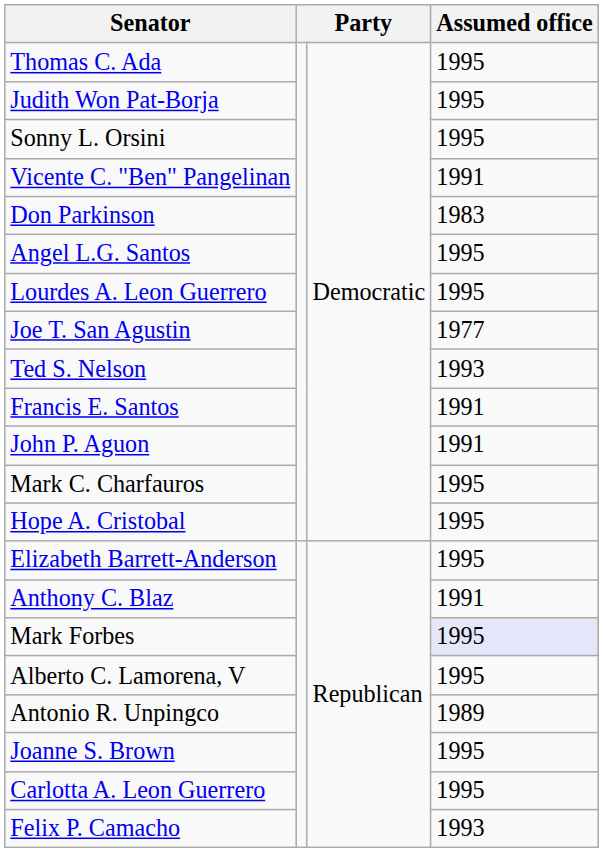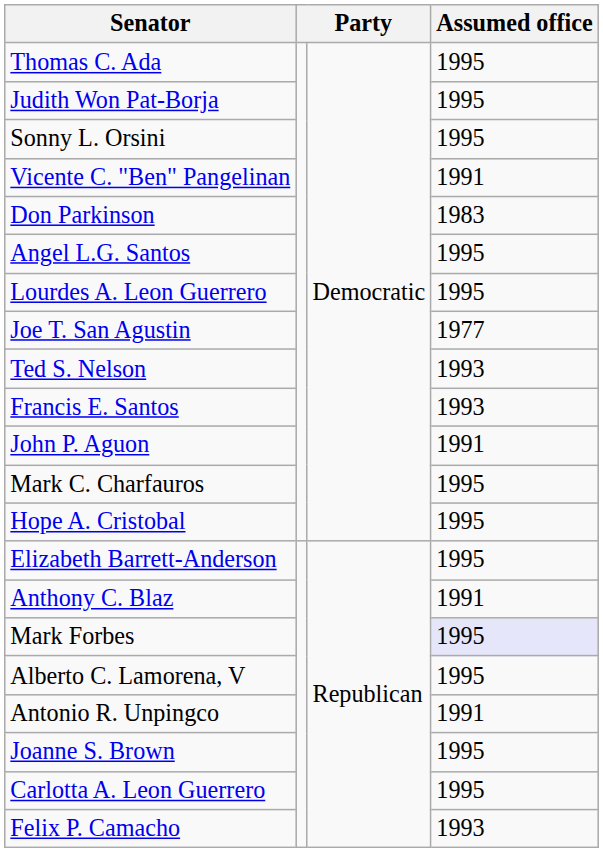 <table class="wikitable sortable" id="votingmembers">
 <tr style="vertical-align:bottom;">
 <th>Senator</th>
 <th colspan=2>Party</th>
 <th>Assumed office</th>
 </tr>
 <tr>
 <td><a href='#'>Thomas C. Ada</a></td>
 <td rowspan="13" style="background-color:"></td>
 <td rowspan="13">Democratic</td>
 <td>1995</td>
 </tr>
 <tr>
 <td><a href='#'>Judith Won Pat-Borja</a></td>
 <td>1995</td>
 </tr>
 <tr>
 <td>Sonny L. Orsini</td>
 <td>1995</td>
 </tr>
 <tr>
 <td><a href='#'>Vicente C. "Ben" Pangelinan</a></td>
 <td>1991</td>
 </tr>
 <tr>
 <td><a href='#'>Don Parkinson</a></td>
 <td>1983</td>
 </tr>
 <tr>
 <td><a href='#'>Angel L.G. Santos</a></td>
 <td>1995</td>
 </tr>
 <tr>
 <td><a href='#'>Lourdes A. Leon Guerrero</a></td>
 <td>1995</td>
 </tr>
 <tr>
 <td><a href='#'>Joe T. San Agustin</a></td>
 <td>1977</td>
 </tr>
 <tr>
 <td><a href='#'>Ted S. Nelson</a></td>
 <td>1993</td>
 </tr>
 <tr>
 <td><a href='#'>Francis E. Santos</a></td>
-<td>1991</td>
+<td>1993</td>
 </tr>
 <tr>
 <td><a href='#'>John P. Aguon</a></td>
 <td>1991</td>
 </tr>
 <tr>
 <td>Mark C. Charfauros</td>
 <td>1995</td>
 </tr>
 <tr>
 <td><a href='#'>Hope A. Cristobal</a></td>
 <td>1995</td>
 </tr>
 <tr>
 <td><a href='#'>Elizabeth Barrett-Anderson</a></td>
 <td rowspan="8" style="background-color:"></td>
 <td rowspan="8">Republican</td>
 <td>1995</td>
 </tr>
 <tr>
 <td><a href='#'>Anthony C. Blaz</a></td>
 <td>1991</td>
 </tr>
 <tr>
 <td>Mark Forbes</td>
 <td style="background: lavender;">1995</td>
 </tr>
 <tr>
 <td>Alberto C. Lamorena, V</td>
 <td>1995</td>
 </tr>
 <tr>
 <td>Antonio R. Unpingco</td>
-<td>1989</td>
+<td>1991</td>
 </tr>
 <tr>
 <td><a href='#'>Joanne S. Brown</a></td>
 <td>1995</td>
 </tr>
 <tr>
 <td><a href='#'>Carlotta A. Leon Guerrero</a></td>
 <td>1995</td>
 </tr>
 <tr>
 <td><a href='#'>Felix P. Camacho</a></td>
 <td>1993</td>
 </tr>
 </table>
